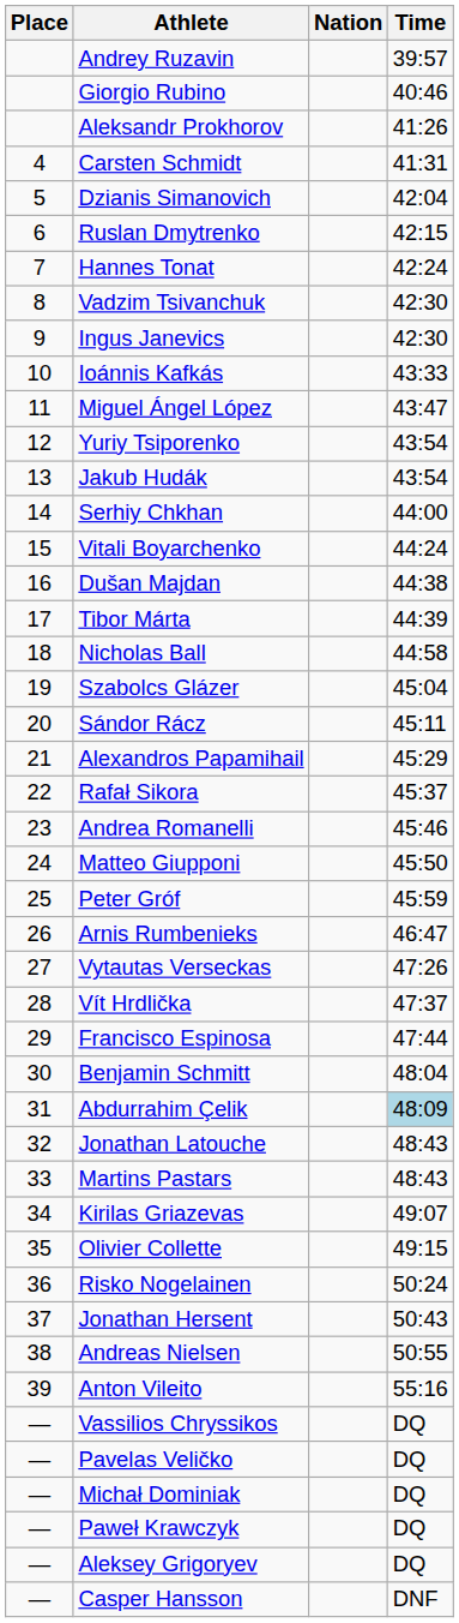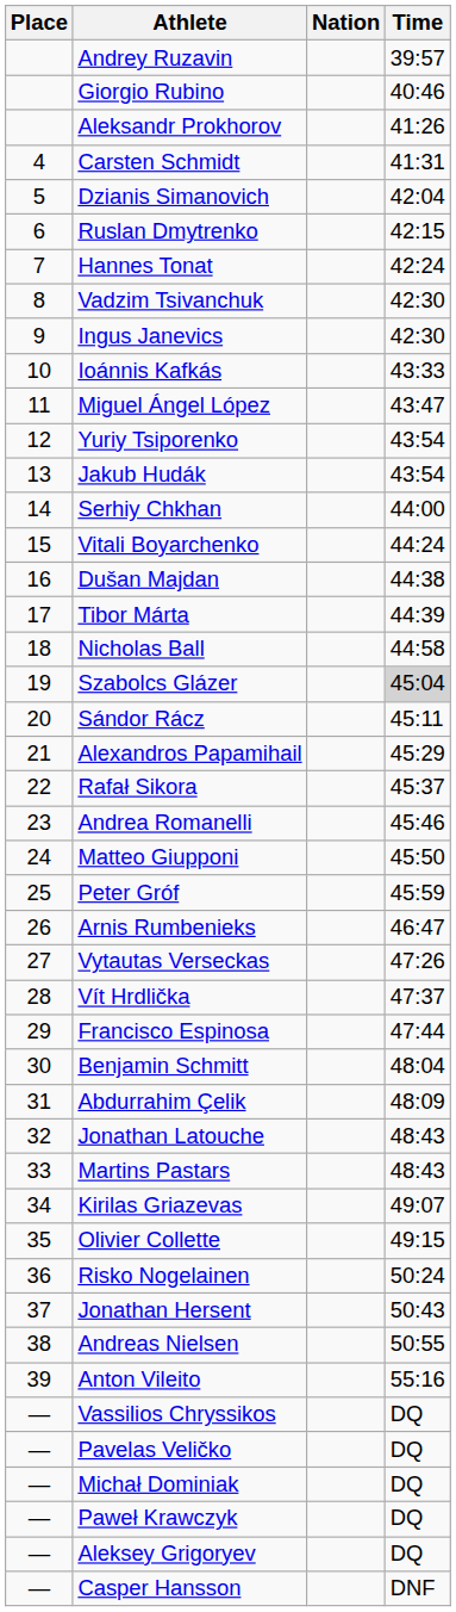 <table class=wikitable>
 <tr>
 <th>Place</th>
 <th>Athlete</th>
 <th>Nation</th>
 <th>Time</th>
 </tr>
 <tr>
 <td align=center></td>
 <td><a href='#'>Andrey Ruzavin</a></td>
 <td></td>
 <td>39:57</td>
 </tr>
 <tr>
 <td align=center></td>
 <td><a href='#'>Giorgio Rubino</a></td>
 <td></td>
 <td>40:46</td>
 </tr>
 <tr>
 <td align=center></td>
 <td><a href='#'>Aleksandr Prokhorov</a></td>
 <td></td>
 <td>41:26</td>
 </tr>
 <tr>
 <td align=center>4</td>
 <td><a href='#'>Carsten Schmidt</a></td>
 <td></td>
 <td>41:31</td>
 </tr>
 <tr>
 <td align=center>5</td>
 <td><a href='#'>Dzianis Simanovich</a></td>
 <td></td>
 <td>42:04</td>
 </tr>
 <tr>
 <td align=center>6</td>
 <td><a href='#'>Ruslan Dmytrenko</a></td>
 <td></td>
 <td>42:15</td>
 </tr>
 <tr>
 <td align=center>7</td>
 <td><a href='#'>Hannes Tonat</a></td>
 <td></td>
 <td>42:24</td>
 </tr>
 <tr>
 <td align=center>8</td>
 <td><a href='#'>Vadzim Tsivanchuk</a></td>
 <td></td>
 <td>42:30</td>
 </tr>
 <tr>
 <td align=center>9</td>
 <td><a href='#'>Ingus Janevics</a></td>
 <td></td>
 <td>42:30</td>
 </tr>
 <tr>
 <td align=center>10</td>
 <td><a href='#'>Ioánnis Kafkás</a></td>
 <td></td>
 <td>43:33</td>
 </tr>
 <tr>
 <td align=center>11</td>
 <td><a href='#'>Miguel Ángel López</a></td>
 <td></td>
 <td>43:47</td>
 </tr>
 <tr>
 <td align=center>12</td>
 <td><a href='#'>Yuriy Tsiporenko</a></td>
 <td></td>
 <td>43:54</td>
 </tr>
 <tr>
 <td align=center>13</td>
 <td><a href='#'>Jakub Hudák</a></td>
 <td></td>
 <td>43:54</td>
 </tr>
 <tr>
 <td align=center>14</td>
 <td><a href='#'>Serhiy Chkhan</a></td>
 <td></td>
 <td>44:00</td>
 </tr>
 <tr>
 <td align=center>15</td>
 <td><a href='#'>Vitali Boyarchenko</a></td>
 <td></td>
 <td>44:24</td>
 </tr>
 <tr>
 <td align=center>16</td>
 <td><a href='#'>Dušan Majdan</a></td>
 <td></td>
 <td>44:38</td>
 </tr>
 <tr>
 <td align=center>17</td>
 <td><a href='#'>Tibor Márta</a></td>
 <td></td>
 <td>44:39</td>
 </tr>
 <tr>
 <td align=center>18</td>
 <td><a href='#'>Nicholas Ball</a></td>
 <td></td>
 <td>44:58</td>
 </tr>
 <tr>
 <td align=center>19</td>
 <td><a href='#'>Szabolcs Glázer</a></td>
 <td></td>
-<td>45:04</td>
+<td style="background: lightgrey;">45:04</td>
 </tr>
 <tr>
 <td align=center>20</td>
 <td><a href='#'>Sándor Rácz</a></td>
 <td></td>
 <td>45:11</td>
 </tr>
 <tr>
 <td align=center>21</td>
 <td><a href='#'>Alexandros Papamihail</a></td>
 <td></td>
 <td>45:29</td>
 </tr>
 <tr>
 <td align=center>22</td>
 <td><a href='#'>Rafał Sikora</a></td>
 <td></td>
 <td>45:37</td>
 </tr>
 <tr>
 <td align=center>23</td>
 <td><a href='#'>Andrea Romanelli</a></td>
 <td></td>
 <td>45:46</td>
 </tr>
 <tr>
 <td align=center>24</td>
 <td><a href='#'>Matteo Giupponi</a></td>
 <td></td>
 <td>45:50</td>
 </tr>
 <tr>
 <td align=center>25</td>
 <td><a href='#'>Peter Gróf</a></td>
 <td></td>
 <td>45:59</td>
 </tr>
 <tr>
 <td align=center>26</td>
 <td><a href='#'>Arnis Rumbenieks</a></td>
 <td></td>
 <td>46:47</td>
 </tr>
 <tr>
 <td align=center>27</td>
 <td><a href='#'>Vytautas Verseckas</a></td>
 <td></td>
 <td>47:26</td>
 </tr>
 <tr>
 <td align=center>28</td>
 <td><a href='#'>Vít Hrdlička</a></td>
 <td></td>
 <td>47:37</td>
 </tr>
 <tr>
 <td align=center>29</td>
 <td><a href='#'>Francisco Espinosa</a></td>
 <td></td>
 <td>47:44</td>
 </tr>
 <tr>
 <td align=center>30</td>
 <td><a href='#'>Benjamin Schmitt</a></td>
 <td></td>
 <td>48:04</td>
 </tr>
 <tr>
 <td align=center>31</td>
 <td><a href='#'>Abdurrahim Çelik</a></td>
 <td></td>
-<td style="background: lightblue;">48:09</td>
+<td>48:09</td>
 </tr>
 <tr>
 <td align=center>32</td>
 <td><a href='#'>Jonathan Latouche</a></td>
 <td></td>
 <td>48:43</td>
 </tr>
 <tr>
 <td align=center>33</td>
 <td><a href='#'>Martins Pastars</a></td>
 <td></td>
 <td>48:43</td>
 </tr>
 <tr>
 <td align=center>34</td>
 <td><a href='#'>Kirilas Griazevas</a></td>
 <td></td>
 <td>49:07</td>
 </tr>
 <tr>
 <td align=center>35</td>
 <td><a href='#'>Olivier Collette</a></td>
 <td></td>
 <td>49:15</td>
 </tr>
 <tr>
 <td align=center>36</td>
 <td><a href='#'>Risko Nogelainen</a></td>
 <td></td>
 <td>50:24</td>
 </tr>
 <tr>
 <td align=center>37</td>
 <td><a href='#'>Jonathan Hersent</a></td>
 <td></td>
 <td>50:43</td>
 </tr>
 <tr>
 <td align=center>38</td>
 <td><a href='#'>Andreas Nielsen</a></td>
 <td></td>
 <td>50:55</td>
 </tr>
 <tr>
 <td align=center>39</td>
 <td><a href='#'>Anton Vileito</a></td>
 <td></td>
 <td>55:16</td>
 </tr>
 <tr>
 <td align=center>—</td>
 <td><a href='#'>Vassilios Chryssikos</a></td>
 <td></td>
 <td>DQ</td>
 </tr>
 <tr>
 <td align=center>—</td>
 <td><a href='#'>Pavelas Veličko</a></td>
 <td></td>
 <td>DQ</td>
 </tr>
 <tr>
 <td align=center>—</td>
 <td><a href='#'>Michał Dominiak</a></td>
 <td></td>
 <td>DQ</td>
 </tr>
 <tr>
 <td align=center>—</td>
 <td><a href='#'>Paweł Krawczyk</a></td>
 <td></td>
 <td>DQ</td>
 </tr>
 <tr>
 <td align=center>—</td>
 <td><a href='#'>Aleksey Grigoryev</a></td>
 <td></td>
 <td>DQ</td>
 </tr>
 <tr>
 <td align=center>—</td>
 <td><a href='#'>Casper Hansson</a></td>
 <td></td>
 <td>DNF</td>
 </tr>
 </table>
